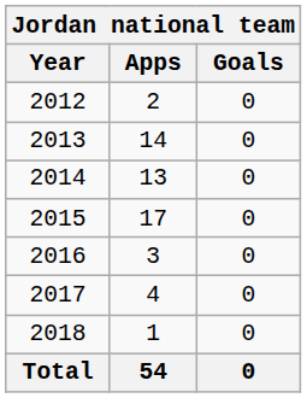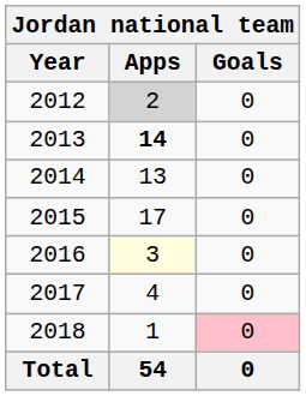 <table class="wikitable" style="text-align:center">
 <tr>
 <th colspan=3>Jordan national team</th>
 </tr>
 <tr>
 <th>Year</th>
 <th>Apps</th>
 <th>Goals</th>
 </tr>
 <tr>
 <td>2012</td>
-<td>2</td>
+<td style="background: lightgrey;">2</td>
 <td>0</td>
 </tr>
 <tr>
 <td>2013</td>
-<td>14</td>
+<td><strong>14</strong></td>
 <td>0</td>
 </tr>
 <tr>
 <td>2014</td>
 <td>13</td>
 <td>0</td>
 </tr>
 <tr>
 <td>2015</td>
 <td>17</td>
 <td>0</td>
 </tr>
 <tr>
 <td>2016</td>
-<td>3</td>
+<td style="background: lightyellow;">3</td>
 <td>0</td>
 </tr>
 <tr>
 <td>2017</td>
 <td>4</td>
 <td>0</td>
 </tr>
 <tr>
 <td>2018</td>
 <td>1</td>
-<td>0</td>
+<td style="background: pink;">0</td>
 </tr>
 <tr>
 <th>Total</th>
 <th>54</th>
 <th>0</th>
 </tr>
 </table>
